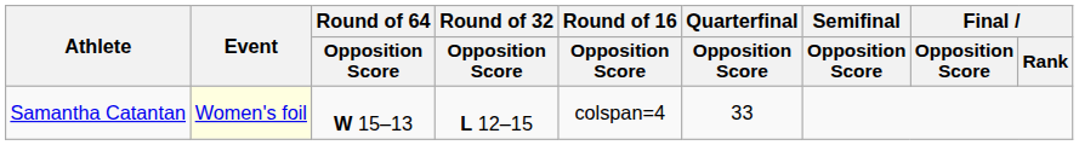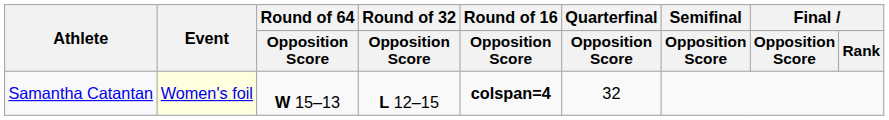 <table class="wikitable" style="font-size:90%">
 <tr>
 <th rowspan="2">Athlete</th>
 <th rowspan="2">Event</th>
 <th>Round of 64</th>
 <th>Round of 32</th>
 <th>Round of 16</th>
 <th>Quarterfinal</th>
 <th>Semifinal</th>
 <th colspan=2>Final / </th>
 </tr>
 <tr style="font-size:95%">
 <th>Opposition <br> Score</th>
 <th>Opposition <br> Score</th>
 <th>Opposition <br> Score</th>
 <th>Opposition <br> Score</th>
 <th>Opposition <br> Score</th>
 <th>Opposition <br> Score</th>
 <th>Rank</th>
 </tr>
 <tr align=center>
 <td align=left><a href='#'>Samantha Catantan</a></td>
 <td align=left style="background: lightyellow;"><a href='#'>Women's foil</a></td>
 <td><br><strong>W</strong> 15–13</td>
 <td><br><strong>L</strong> 12–15</td>
-<td>colspan=4 </td>
-<td>33</td>
+<td><strong>colspan=4 </strong></td>
+<td>32</td>
 </tr>
 </table>
